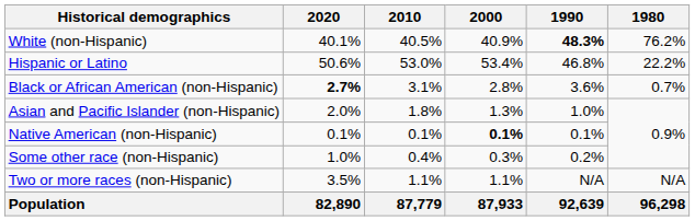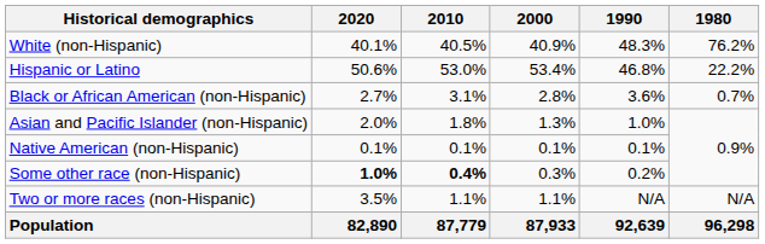 <table class="wikitable" style="font-size: 90%; text-align: right;">
 <tr>
 <th>Historical demographics</th>
 <th style="width: 5em;">2020</th>
 <th style="width: 5em;">2010</th>
 <th style="width: 5em;">2000</th>
 <th style="width: 5em;">1990</th>
 <th style="width: 5em;">1980</th>
 </tr>
 <tr>
 <td style="text-align:left"><a href='#'>White</a> (non-Hispanic)</td>
 <td>40.1%</td>
 <td>40.5%</td>
 <td>40.9%</td>
-<td><strong>48.3%</strong></td>
+<td>48.3%</td>
 <td>76.2%</td>
 </tr>
 <tr>
 <td style="text-align:left"><a href='#'>Hispanic or Latino</a></td>
 <td>50.6%</td>
 <td>53.0%</td>
 <td>53.4%</td>
 <td>46.8%</td>
 <td>22.2%</td>
 </tr>
 <tr>
 <td style="text-align:left"><a href='#'>Black or African American</a> (non-Hispanic)</td>
-<td><strong>2.7%</strong></td>
+<td>2.7%</td>
 <td>3.1%</td>
 <td>2.8%</td>
 <td>3.6%</td>
 <td>0.7%</td>
 </tr>
 <tr>
 <td style="text-align:left"><a href='#'>Asian</a> and <a href='#'>Pacific Islander</a> (non-Hispanic)</td>
 <td>2.0%</td>
 <td>1.8%</td>
 <td>1.3%</td>
 <td>1.0%</td>
 <td rowspan="3">0.9%</td>
 </tr>
 <tr>
 <td style="text-align:left"><a href='#'>Native American</a> (non-Hispanic)</td>
 <td>0.1%</td>
 <td>0.1%</td>
-<td><strong>0.1%</strong></td>
+<td>0.1%</td>
 <td>0.1%</td>
 </tr>
 <tr>
 <td style="text-align:left"><a href='#'>Some other race</a>  (non-Hispanic)</td>
-<td>1.0%</td>
-<td>0.4%</td>
+<td><strong>1.0%</strong></td>
+<td><strong>0.4%</strong></td>
 <td>0.3%</td>
 <td>0.2%</td>
 </tr>
 <tr>
 <td style="text-align:left"><a href='#'>Two or more races</a> (non-Hispanic)</td>
 <td>3.5%</td>
 <td>1.1%</td>
 <td>1.1%</td>
 <td>N/A</td>
 <td>N/A</td>
 </tr>
 <tr>
 <th style="text-align:left">Population</th>
 <th style="text-align:right">82,890</th>
 <th style="text-align:right">87,779</th>
 <th style="text-align:right">87,933</th>
 <th style="text-align:right">92,639</th>
 <th style="text-align:right">96,298</th>
 </tr>
 </table>
